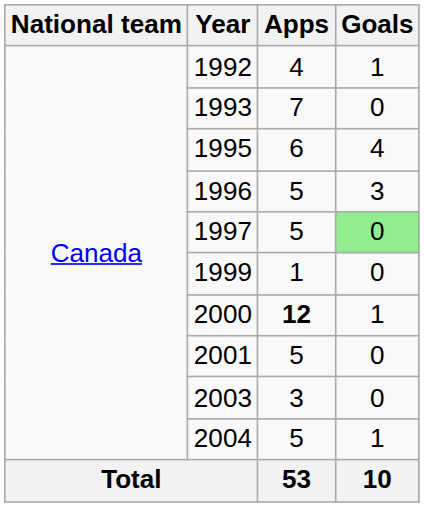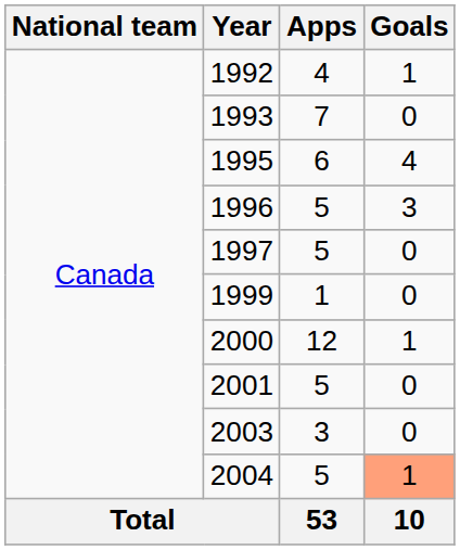 <table class=wikitable style="text-align: center">
 <tr>
 <th>National team</th>
 <th>Year</th>
 <th>Apps</th>
 <th>Goals</th>
 </tr>
 <tr>
 <td rowspan=10><a href='#'>Canada</a></td>
 <td>1992</td>
 <td>4</td>
 <td>1</td>
 </tr>
 <tr>
 <td>1993</td>
 <td>7</td>
 <td>0</td>
 </tr>
 <tr>
 <td>1995</td>
 <td>6</td>
 <td>4</td>
 </tr>
 <tr>
 <td>1996</td>
 <td>5</td>
 <td>3</td>
 </tr>
 <tr>
 <td>1997</td>
 <td>5</td>
-<td style="background: lightgreen;">0</td>
+<td>0</td>
 </tr>
 <tr>
 <td>1999</td>
 <td>1</td>
 <td>0</td>
 </tr>
 <tr>
 <td>2000</td>
-<td><strong>12</strong></td>
+<td>12</td>
 <td>1</td>
 </tr>
 <tr>
 <td>2001</td>
 <td>5</td>
 <td>0</td>
 </tr>
 <tr>
 <td>2003</td>
 <td>3</td>
 <td>0</td>
 </tr>
 <tr>
 <td>2004</td>
 <td>5</td>
-<td>1</td>
+<td style="background: lightsalmon;">1</td>
 </tr>
 <tr>
 <th colspan=2>Total</th>
 <th>53</th>
 <th>10</th>
 </tr>
 </table>
